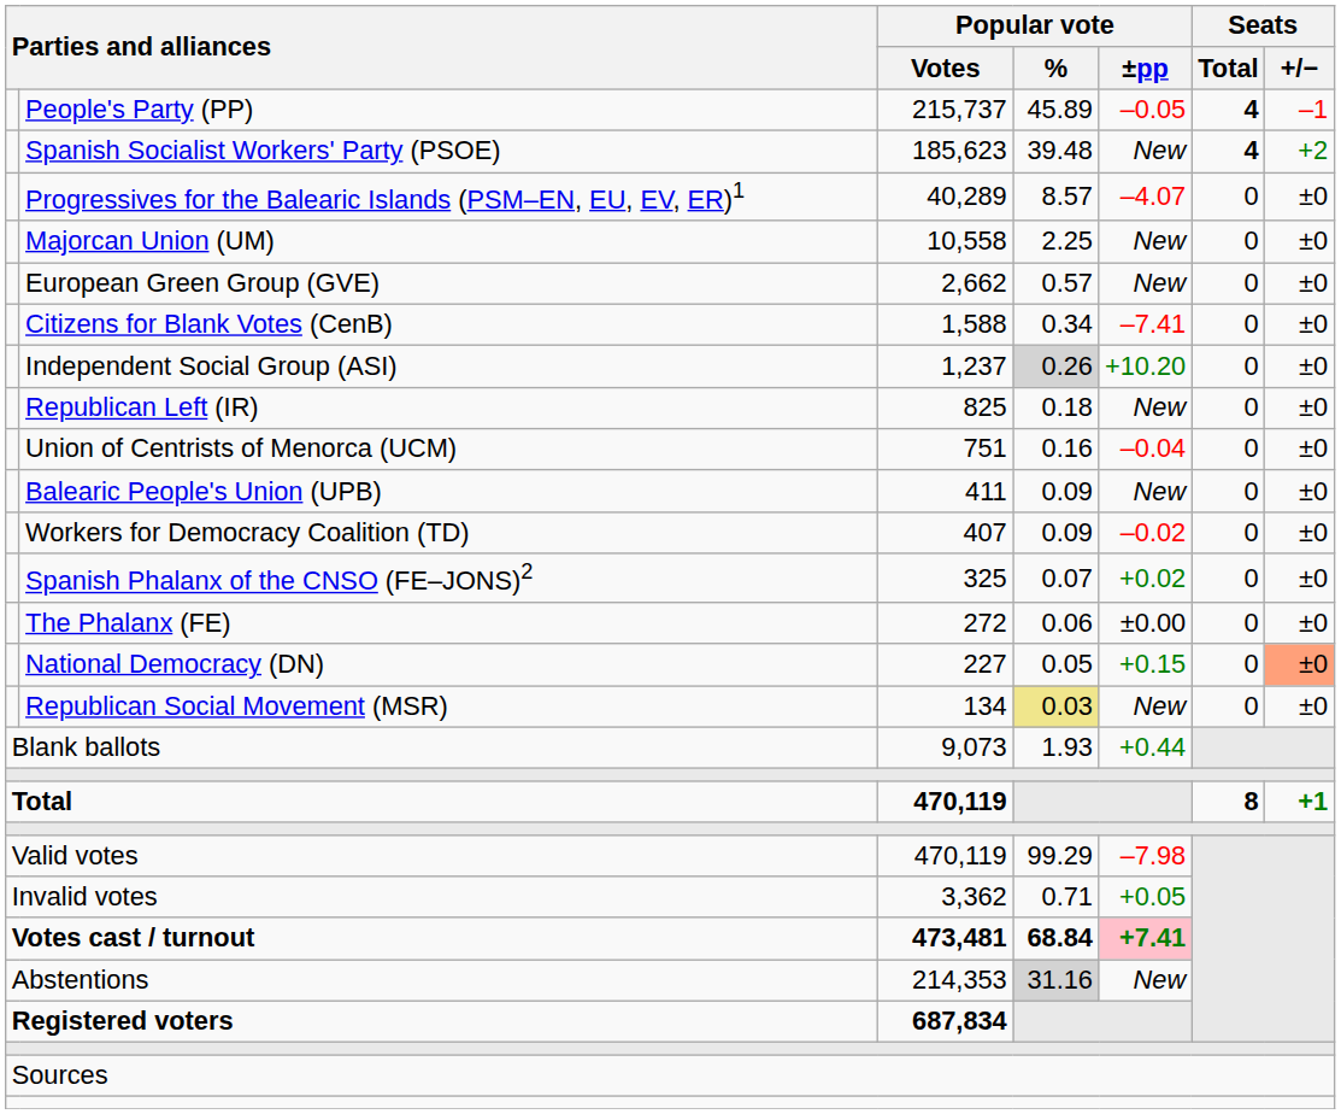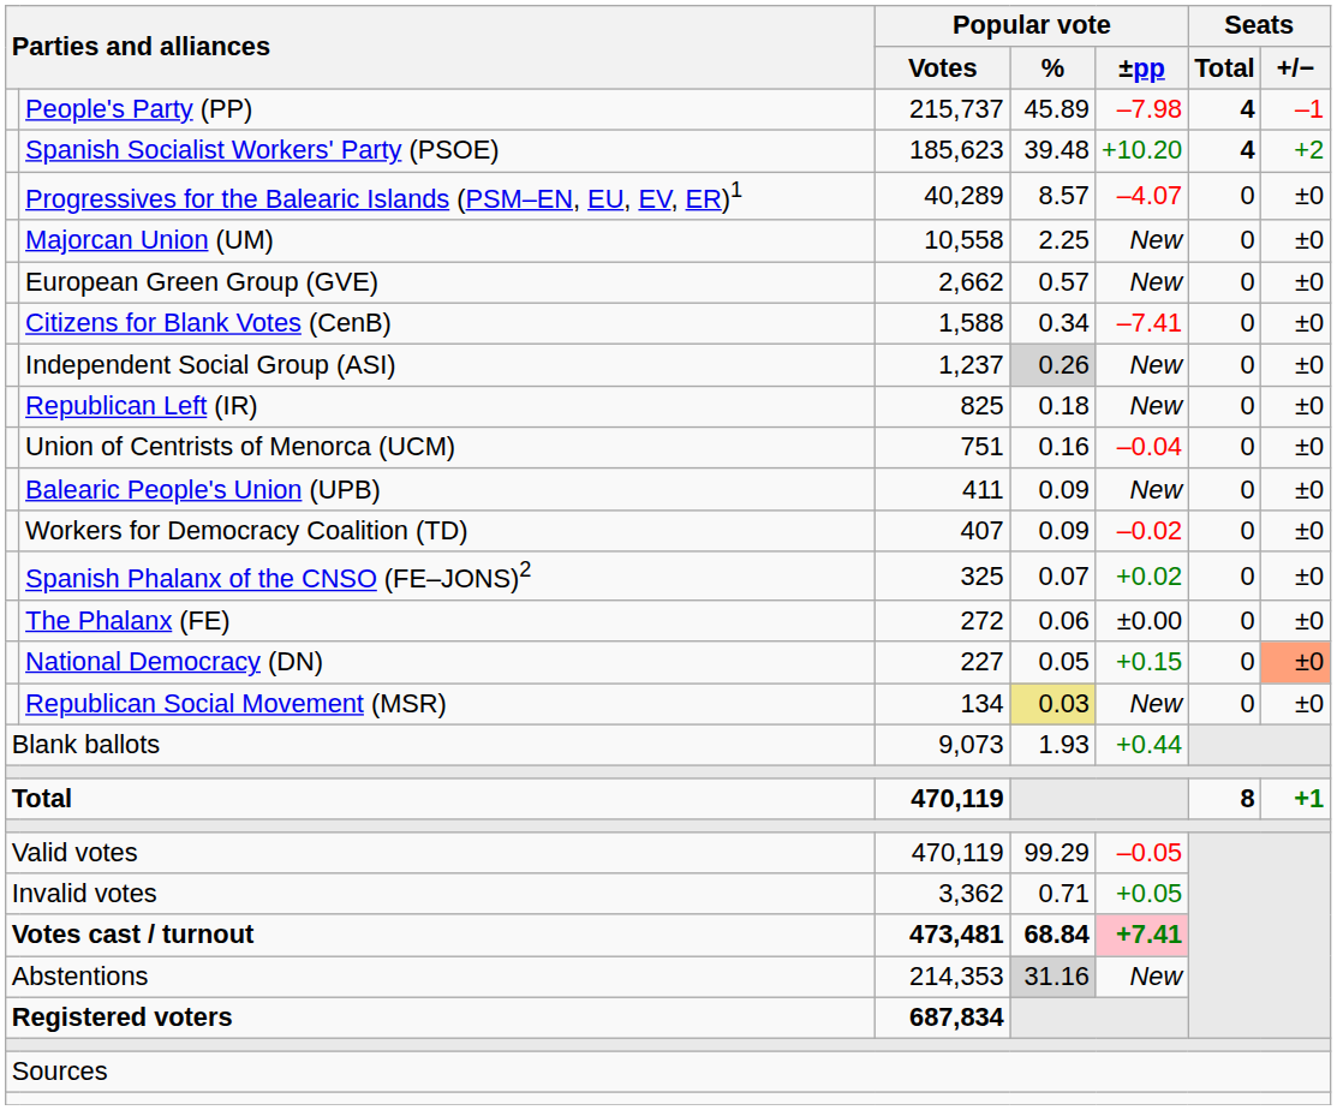 <table class="wikitable" style="text-align:right;">
 <tr>
 <th style="text-align:left;" rowspan="2" colspan="2" width="525">Parties and alliances</th>
 <th colspan="3">Popular vote</th>
 <th colspan="2">Seats</th>
 </tr>
 <tr>
 <th width="75">Votes</th>
 <th width="45">%</th>
 <th width="45">±<a href='#'>pp</a></th>
 <th width="35">Total</th>
 <th width="35">+/−</th>
 </tr>
 <tr>
 <td width="1" style="color:inherit;background:"></td>
 <td align="left"><a href='#'>People's Party</a> (PP)</td>
 <td>215,737</td>
 <td>45.89</td>
-<td style="color:red;">–0.05</td>
+<td style="color:red;">–7.98</td>
 <td><strong>4</strong></td>
 <td style="color:red;">–1</td>
 </tr>
 <tr>
 <td style="color:inherit;background:"></td>
 <td align="left"><a href='#'>Spanish Socialist Workers' Party</a> (PSOE)</td>
 <td>185,623</td>
 <td>39.48</td>
-<td><em>New</em></td>
+<td style="color:green;">+10.20</td>
 <td><strong>4</strong></td>
 <td style="color:green;">+2</td>
 </tr>
 <tr>
 <td style="color:inherit;background:"></td>
 <td align="left"><a href='#'>Progressives for the Balearic Islands</a> (<a href='#'>PSM–EN</a>, <a href='#'>EU</a>, <a href='#'>EV</a>, <a href='#'>ER</a>)<sup>1</sup></td>
 <td>40,289</td>
 <td>8.57</td>
 <td style="color:red;">–4.07</td>
 <td>0</td>
 <td>±0</td>
 </tr>
 <tr>
 <td style="color:inherit;background:"></td>
 <td align="left"><a href='#'>Majorcan Union</a> (UM)</td>
 <td>10,558</td>
 <td>2.25</td>
 <td><em>New</em></td>
 <td>0</td>
 <td>±0</td>
 </tr>
 <tr>
 <td style="color:inherit;background:"></td>
 <td align="left">European Green Group (GVE)</td>
 <td>2,662</td>
 <td>0.57</td>
 <td><em>New</em></td>
 <td>0</td>
 <td>±0</td>
 </tr>
 <tr>
 <td style="color:inherit;background:"></td>
 <td align="left"><a href='#'>Citizens for Blank Votes</a> (CenB)</td>
 <td>1,588</td>
 <td>0.34</td>
 <td style="color:red;">–7.41</td>
 <td>0</td>
 <td>±0</td>
 </tr>
 <tr>
 <td style="color:inherit;background:"></td>
 <td align="left">Independent Social Group (ASI)</td>
 <td>1,237</td>
 <td style="background: lightgrey;">0.26</td>
-<td style="color:green;">+10.20</td>
+<td><em>New</em></td>
 <td>0</td>
 <td>±0</td>
 </tr>
 <tr>
 <td style="color:inherit;background:"></td>
 <td align="left"><a href='#'>Republican Left</a> (IR)</td>
 <td>825</td>
 <td>0.18</td>
 <td><em>New</em></td>
 <td>0</td>
 <td>±0</td>
 </tr>
 <tr>
 <td style="color:inherit;background:"></td>
 <td align="left">Union of Centrists of Menorca (UCM)</td>
 <td>751</td>
 <td>0.16</td>
 <td style="color:red;">–0.04</td>
 <td>0</td>
 <td>±0</td>
 </tr>
 <tr>
 <td style="color:inherit;background:"></td>
 <td align="left"><a href='#'>Balearic People's Union</a> (UPB)</td>
 <td>411</td>
 <td>0.09</td>
 <td><em>New</em></td>
 <td>0</td>
 <td>±0</td>
 </tr>
 <tr>
 <td style="color:inherit;background:"></td>
 <td align="left">Workers for Democracy Coalition (TD)</td>
 <td>407</td>
 <td>0.09</td>
 <td style="color:red;">–0.02</td>
 <td>0</td>
 <td>±0</td>
 </tr>
 <tr>
 <td style="color:inherit;background:"></td>
 <td align="left"><a href='#'>Spanish Phalanx of the CNSO</a> (FE–JONS)<sup>2</sup></td>
 <td>325</td>
 <td>0.07</td>
 <td style="color:green;">+0.02</td>
 <td>0</td>
 <td>±0</td>
 </tr>
 <tr>
 <td style="color:inherit;background:"></td>
 <td align="left"><a href='#'>The Phalanx</a> (FE)</td>
 <td>272</td>
 <td>0.06</td>
 <td>±0.00</td>
 <td>0</td>
 <td>±0</td>
 </tr>
 <tr>
 <td style="color:inherit;background:"></td>
 <td align="left"><a href='#'>National Democracy</a> (DN)</td>
 <td>227</td>
 <td>0.05</td>
 <td style="color:green;">+0.15</td>
 <td>0</td>
 <td style="background: lightsalmon;">±0</td>
 </tr>
 <tr>
 <td style="color:inherit;background:"></td>
 <td align="left"><a href='#'>Republican Social Movement</a> (MSR)</td>
 <td>134</td>
 <td style="background: khaki;">0.03</td>
 <td><em>New</em></td>
 <td>0</td>
 <td>±0</td>
 </tr>
 <tr>
 <td align="left" colspan="2">Blank ballots</td>
 <td>9,073</td>
 <td>1.93</td>
 <td style="color:green;">+0.44</td>
 <td bgcolor="#E9E9E9" colspan="2"></td>
 </tr>
 <tr>
 <td colspan="7" bgcolor="#E9E9E9"></td>
 </tr>
 <tr style="font-weight:bold;">
 <td align="left" colspan="2">Total</td>
 <td>470,119</td>
 <td bgcolor="#E9E9E9" colspan="2"></td>
 <td>8</td>
 <td style="color:green;">+1</td>
 </tr>
 <tr>
 <td colspan="7" bgcolor="#E9E9E9"></td>
 </tr>
 <tr>
 <td align="left" colspan="2">Valid votes</td>
 <td>470,119</td>
 <td>99.29</td>
-<td style="color:red;">–7.98</td>
+<td style="color:red;">–0.05</td>
 <td bgcolor="#E9E9E9" colspan="2" rowspan="5"></td>
 </tr>
 <tr>
 <td align="left" colspan="2">Invalid votes</td>
 <td>3,362</td>
 <td>0.71</td>
 <td style="color:green;">+0.05</td>
 </tr>
 <tr style="font-weight:bold;">
 <td align="left" colspan="2">Votes cast / turnout</td>
 <td>473,481</td>
 <td>68.84</td>
 <td style="background: pink; color:green;">+7.41</td>
 </tr>
 <tr>
 <td align="left" colspan="2">Abstentions</td>
 <td>214,353</td>
 <td style="background: lightgrey;">31.16</td>
 <td><em>New</em></td>
 </tr>
 <tr style="font-weight:bold;">
 <td align="left" colspan="2">Registered voters</td>
 <td>687,834</td>
 <td bgcolor="#E9E9E9" colspan="2"></td>
 </tr>
 <tr>
 <td colspan="7" bgcolor="#E9E9E9"></td>
 </tr>
 <tr>
 <td align="left" colspan="7">Sources</td>
 </tr>
 <tr>
 <td colspan="7" style="text-align:left; max-width:790px;"></td>
 </tr>
 </table>
